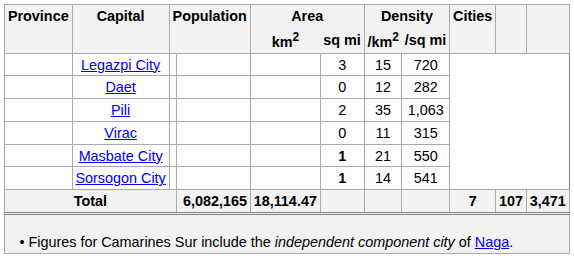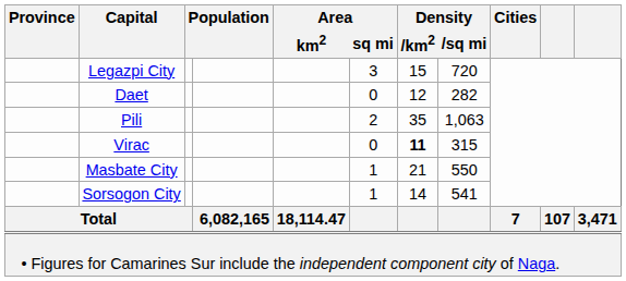 <table class="wikitable sortable" style="background-color:#FDFDFD;text-align:center;font-size:90%;border:1pt solid grey;">
 <tr>
 <th scope="col" style="border-bottom:none;" class="unsortable">Province</th>
 <th scope="col" style="border-bottom:none;" class="unsortable">Capital</th>
 <th scope="col" style="border-bottom:none;white-space:nowrap;" class="unsortable" colspan=2>Population </th>
 <th scope="col" style="border-bottom:none;" colspan=2>Area</th>
 <th scope="col" style="border-bottom:none;" colspan=2>Density</th>
 <th scope="col" style="border-bottom:none;" class="unsortable">Cities</th>
 <th scope="col" style="border-bottom:none;" class="unsortable"></th>
 <th scope="col" style="border-bottom:none;" class="unsortable"></th>
 </tr>
 <tr>
 <th scope="col" style="border-top:none;"></th>
 <th scope="col" style="border-top:none;"></th>
 <th scope="col" style="border-top:none;" colspan=2></th>
 <th scope="col" style="border-style:none none solid solid;">km<sup>2</sup></th>
 <th scope="col" style="border-style:none solid solid none;white-space:nowrap;" class="unsortable">sq mi</th>
 <th scope="col" style="border-style:none none solid solid;">/km<sup>2</sup></th>
 <th scope="col" style="border-style:none solid solid none;white-space:nowrap;" class="unsortable">/sq mi</th>
 <th scope="col" style="border-top:none;"></th>
 <th scope="col" style="border-top:none;"></th>
 <th scope="col" style="border-top:none;"></th>
 </tr>
 <tr>
 <th scope="row" style="background-color:initial;"></th>
 <td style=""><a href='#'>Legazpi City</a></td>
 <td></td>
 <td></td>
 <td></td>
 <td>3</td>
 <td>15</td>
 <td>720</td>
 </tr>
 <tr>
 <th scope="row" style="background-color:initial;"></th>
 <td style=""><a href='#'>Daet</a></td>
 <td></td>
 <td></td>
 <td></td>
 <td>0</td>
 <td>12</td>
 <td>282</td>
 </tr>
 <tr>
 <th scope="row" style="background-color:initial;"></th>
 <td style=""><a href='#'>Pili</a></td>
 <td></td>
 <td></td>
 <td></td>
 <td>2</td>
 <td>35</td>
 <td>1,063</td>
 </tr>
 <tr>
 <th scope="row" style="background-color:initial;"></th>
 <td style=""><a href='#'>Virac</a></td>
 <td></td>
 <td></td>
 <td></td>
 <td>0</td>
-<td>11</td>
+<td><strong>11</strong></td>
 <td>315</td>
 </tr>
 <tr>
 <th scope="row" style="background-color:initial;"></th>
 <td style=""><a href='#'>Masbate City</a></td>
 <td></td>
 <td></td>
 <td></td>
-<td><strong>1</strong></td>
+<td>1</td>
 <td>21</td>
 <td>550</td>
 </tr>
 <tr>
 <th scope="row" style="background-color:initial;"></th>
 <td style=""><a href='#'>Sorsogon City</a></td>
 <td></td>
 <td></td>
 <td></td>
-<td><strong>1</strong></td>
+<td>1</td>
 <td>14</td>
 <td>541</td>
 </tr>
 <tr class="sortbottom">
 <th scope="row" colspan=3 style="">Total</th>
 <th scope="col" style="text-align:right;" style="text-align:right;">6,082,165</th>
 <th scope="col" style="text-align:right;">18,114.47</th>
 <th scope="col"></th>
 <th scope="col" style="text-align:right;"></th>
 <th scope="col" style="text-align:right;"></th>
 <th scope="col">7</th>
 <th scope="col">107</th>
 <th scope="col">3,471</th>
 </tr>
 <tr class="sortbottom" style="text-align:left;background-color:#F2F2F2;border-top:double grey;">
 <td style="padding-left:1em;" colspan=13><br>• Figures for Camarines Sur include the <em>independent component city</em> of <a href='#'>Naga</a>.</td>
 </tr>
 </table>
